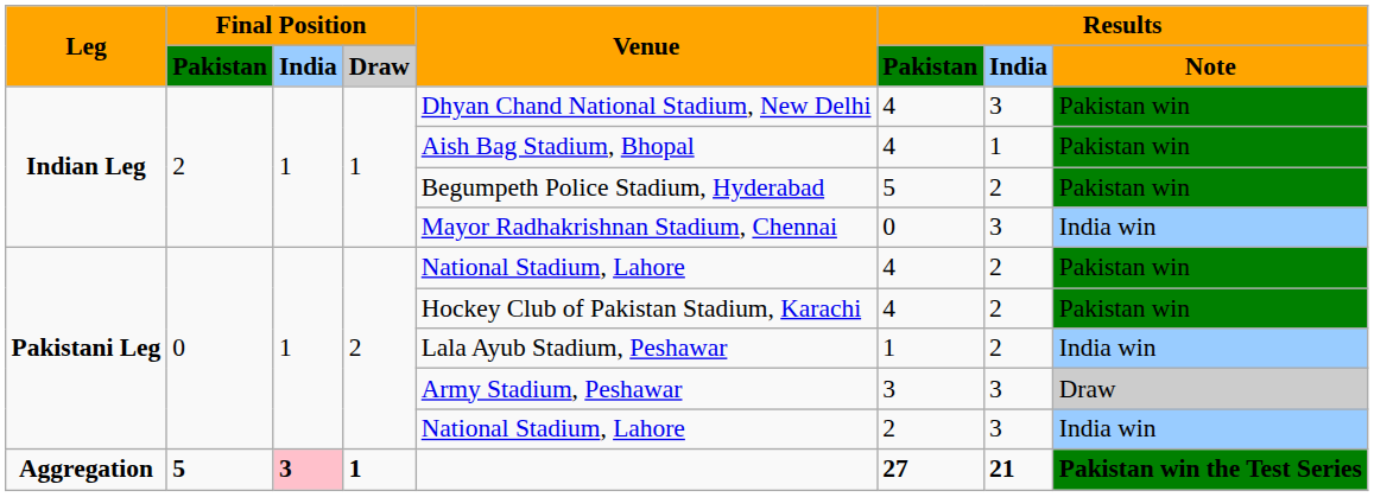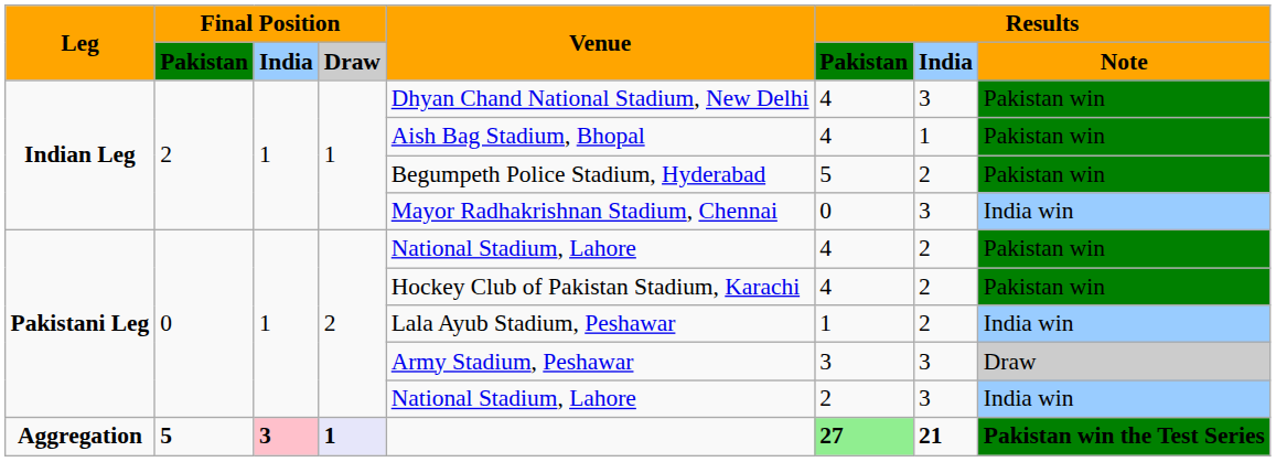 <table class="wikitable">
 <tr>
 <th style="background:orange;" rowspan=2>Leg</th>
 <th style="background:orange;" colspan=3>Final Position</th>
 <th style="background:orange;" rowspan=2>Venue</th>
 <th style="background:orange;" colspan=3>Results</th>
 </tr>
 <tr>
 <th style="background:green;"> Pakistan</th>
 <th style="background:#9cf;"> India</th>
 <th style="background:#ccc;">Draw</th>
 <th style="background:green;"> Pakistan</th>
 <th style="background:#9cf;"> India</th>
 <th style="background:orange;">Note</th>
 </tr>
 <tr>
 <td style=text-align:center; rowspan=4><strong>Indian Leg</strong></td>
 <td rowspan=4>2</td>
 <td rowspan=4>1</td>
 <td rowspan=4>1</td>
 <td> <a href='#'>Dhyan Chand National Stadium</a>, <a href='#'>New Delhi</a></td>
 <td>4</td>
 <td>3</td>
 <td style="background:green;"> Pakistan win</td>
 </tr>
 <tr>
 <td> <a href='#'>Aish Bag Stadium</a>, <a href='#'>Bhopal</a></td>
 <td>4</td>
 <td>1</td>
 <td style="background:green;"> Pakistan win</td>
 </tr>
 <tr>
 <td> Begumpeth Police Stadium, <a href='#'>Hyderabad</a></td>
 <td>5</td>
 <td>2</td>
 <td style="background:green;"> Pakistan win</td>
 </tr>
 <tr>
 <td> <a href='#'>Mayor Radhakrishnan Stadium</a>, <a href='#'>Chennai</a></td>
 <td>0</td>
 <td>3</td>
 <td style="background:#9cf;"> India win</td>
 </tr>
 <tr>
 <td style=text-align:center; rowspan=5><strong>Pakistani Leg</strong></td>
 <td rowspan=5>0</td>
 <td rowspan=5>1</td>
 <td rowspan=5>2</td>
 <td> <a href='#'>National Stadium</a>, <a href='#'>Lahore</a></td>
 <td>4</td>
 <td>2</td>
 <td style="background:green;"> Pakistan win</td>
 </tr>
 <tr>
 <td> Hockey Club of Pakistan Stadium, <a href='#'>Karachi</a></td>
 <td>4</td>
 <td>2</td>
 <td style="background:green;"> Pakistan win</td>
 </tr>
 <tr>
 <td> Lala Ayub Stadium, <a href='#'>Peshawar</a></td>
 <td>1</td>
 <td>2</td>
 <td style="background:#9cf;"> India win</td>
 </tr>
 <tr>
 <td> <a href='#'>Army Stadium</a>, <a href='#'>Peshawar</a></td>
 <td>3</td>
 <td>3</td>
 <td style="background:#ccc;">Draw</td>
 </tr>
 <tr>
 <td> <a href='#'>National Stadium</a>, <a href='#'>Lahore</a></td>
 <td>2</td>
 <td>3</td>
 <td style="background:#9cf;"> India win</td>
 </tr>
 <tr>
 <td style=text-align:center;><strong>Aggregation</strong></td>
 <td><strong>5</strong></td>
 <td style="background: pink;"><strong>3</strong></td>
-<td><strong>1</strong></td>
+<td style="background: lavender;"><strong>1</strong></td>
 <td></td>
-<td><strong>27</strong></td>
+<td style="background: lightgreen;"><strong>27</strong></td>
 <td><strong>21</strong></td>
 <td style="background:green;"> <strong>Pakistan win the Test Series</strong></td>
 </tr>
 </table>
